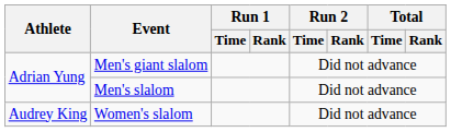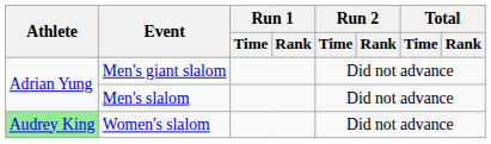 <table class="wikitable" style="font-size:90%; text-align:center">
 <tr>
 <th rowspan=2>Athlete</th>
 <th rowspan=2>Event</th>
 <th colspan=2>Run 1</th>
 <th colspan=2>Run 2</th>
 <th colspan=2>Total</th>
 </tr>
 <tr style="font-size:95%">
 <th>Time</th>
 <th>Rank</th>
 <th>Time</th>
 <th>Rank</th>
 <th>Time</th>
 <th>Rank</th>
 </tr>
 <tr>
 <td align=left rowspan=2><a href='#'>Adrian Yung</a></td>
 <td align=left><a href='#'>Men's giant slalom</a></td>
 <td colspan=2></td>
 <td colspan=4>Did not advance</td>
 </tr>
 <tr>
 <td align=left><a href='#'>Men's slalom</a></td>
 <td colspan=2></td>
 <td colspan=4>Did not advance</td>
 </tr>
 <tr>
-<td align=left><a href='#'>Audrey King</a></td>
+<td align=left style="background: lightgreen;"><a href='#'>Audrey King</a></td>
 <td align=left><a href='#'>Women's slalom</a></td>
 <td colspan=2></td>
 <td colspan=4>Did not advance</td>
 </tr>
 </table>
